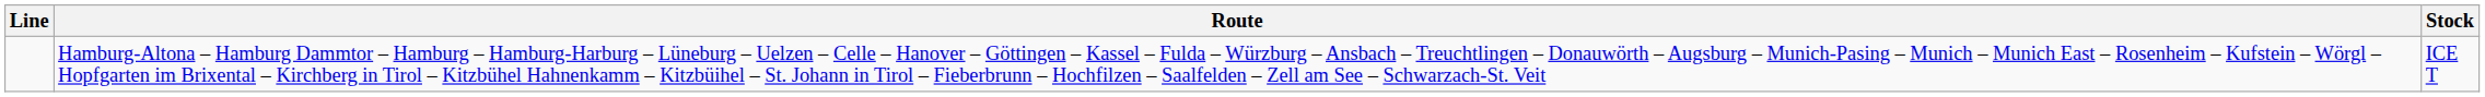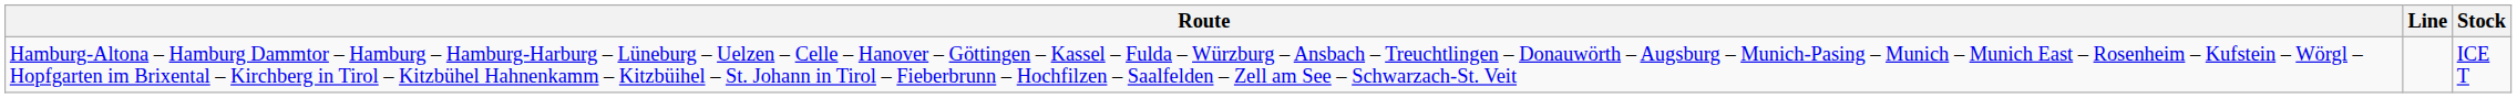 <table class="wikitable">
 <tr>
+<th>Route</th>
 <th>Line</th>
-<th>Route</th>
 <th>Stock</th>
 </tr>
 <tr>
+<td><a href='#'>Hamburg-Altona</a> – <a href='#'>Hamburg Dammtor</a> – <a href='#'>Hamburg</a> – <a href='#'>Hamburg-Harburg</a> – <a href='#'>Lüneburg</a> – <a href='#'>Uelzen</a> – <a href='#'>Celle</a> – <a href='#'>Hanover</a> – <a href='#'>Göttingen</a> – <a href='#'>Kassel</a> – <a href='#'>Fulda</a> – <a href='#'>Würzburg</a> – <a href='#'>Ansbach</a> – <a href='#'>Treuchtlingen</a> – <a href='#'>Donauwörth</a> – <a href='#'>Augsburg</a> – <a href='#'>Munich-Pasing</a> – <a href='#'>Munich</a> – <a href='#'>Munich East</a> – <a href='#'>Rosenheim</a> – <a href='#'>Kufstein</a> – <a href='#'>Wörgl</a> – <a href='#'>Hopfgarten im Brixental</a> – <a href='#'>Kirchberg in Tirol</a> – <a href='#'>Kitzbühel Hahnenkamm</a> – <a href='#'>Kitzbüihel</a> – <a href='#'>St. Johann in Tirol</a> – <a href='#'>Fieberbrunn</a> – <a href='#'>Hochfilzen</a> – <a href='#'>Saalfelden</a> – <a href='#'>Zell am See</a> – <a href='#'>Schwarzach-St. Veit</a></td>
 <td></td>
-<td><a href='#'>Hamburg-Altona</a> – <a href='#'>Hamburg Dammtor</a> – <a href='#'>Hamburg</a> – <a href='#'>Hamburg-Harburg</a> – <a href='#'>Lüneburg</a> – <a href='#'>Uelzen</a> – <a href='#'>Celle</a> – <a href='#'>Hanover</a> – <a href='#'>Göttingen</a> – <a href='#'>Kassel</a> – <a href='#'>Fulda</a> – <a href='#'>Würzburg</a> – <a href='#'>Ansbach</a> – <a href='#'>Treuchtlingen</a> – <a href='#'>Donauwörth</a> – <a href='#'>Augsburg</a> – <a href='#'>Munich-Pasing</a> – <a href='#'>Munich</a> – <a href='#'>Munich East</a> – <a href='#'>Rosenheim</a> – <a href='#'>Kufstein</a> – <a href='#'>Wörgl</a> – <a href='#'>Hopfgarten im Brixental</a> – <a href='#'>Kirchberg in Tirol</a> – <a href='#'>Kitzbühel Hahnenkamm</a> – <a href='#'>Kitzbüihel</a> – <a href='#'>St. Johann in Tirol</a> – <a href='#'>Fieberbrunn</a> – <a href='#'>Hochfilzen</a> – <a href='#'>Saalfelden</a> – <a href='#'>Zell am See</a> – <a href='#'>Schwarzach-St. Veit</a></td>
 <td><a href='#'>ICE T</a></td>
 </tr>
 </table>
